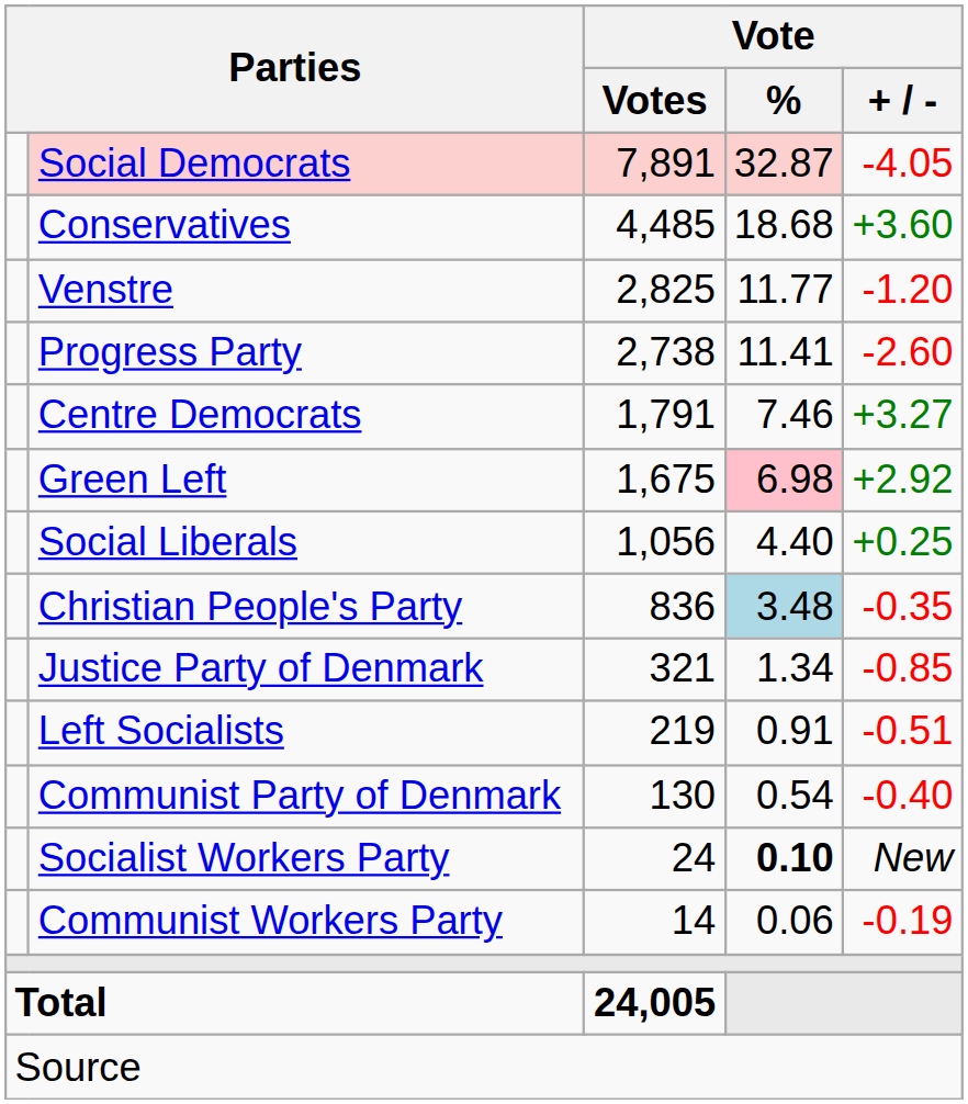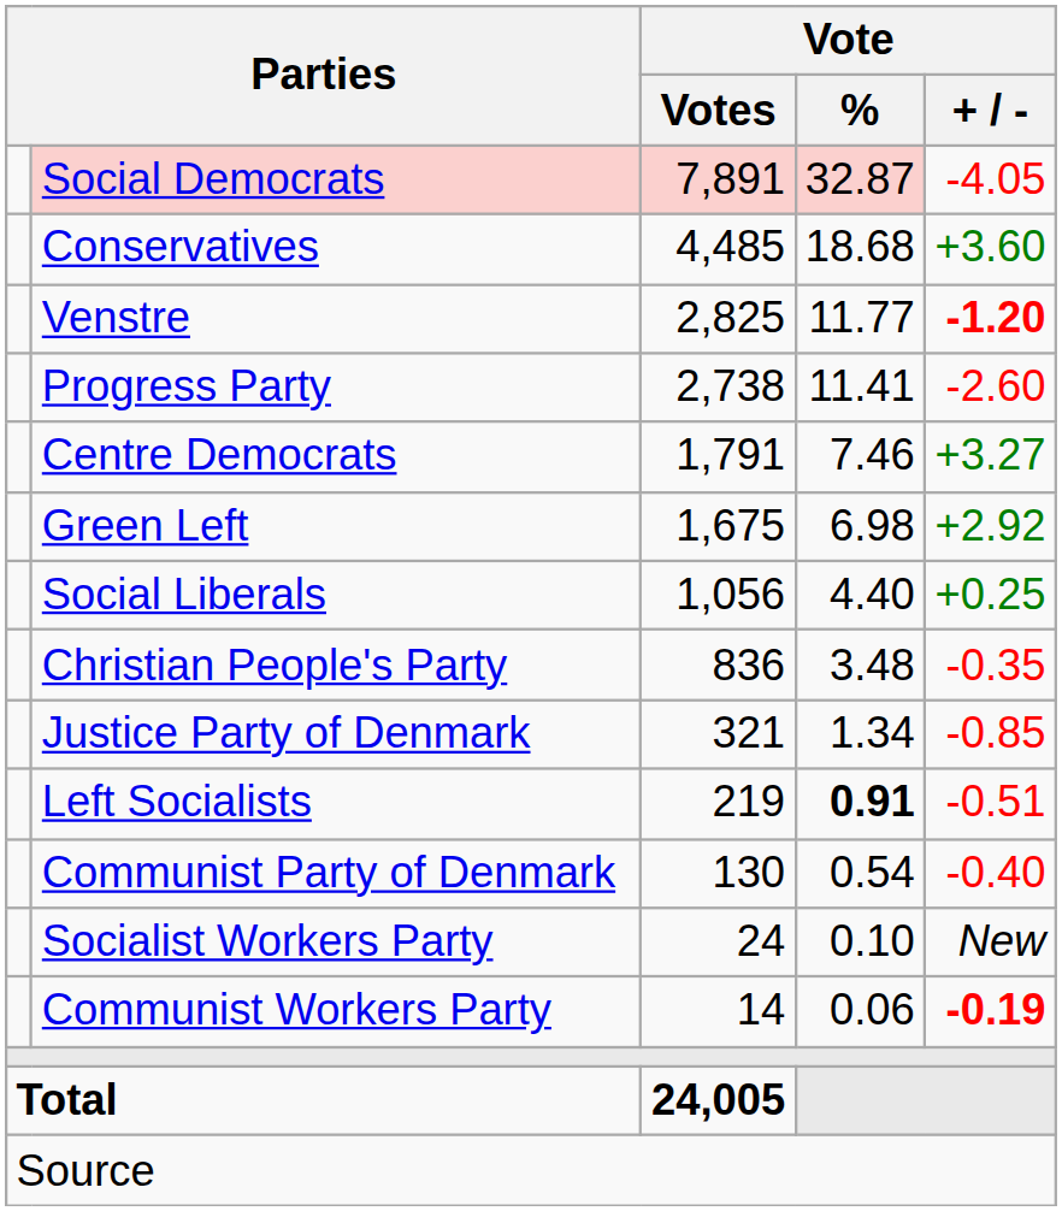 <table class="wikitable" style="text-align:right;">
 <tr>
 <th style="text-align:centre;" rowspan="2" colspan="2" width="225">Parties</th>
 <th colspan="3">Vote</th>
 </tr>
 <tr>
 <th width="15">Votes</th>
 <th width="15">%</th>
 <th width="15">+ / -</th>
 </tr>
 <tr>
 <td width="2" style="color:inherit;background:"></td>
 <td bgcolor=#fbd0ce  align="left"><a href='#'>Social Democrats</a></td>
 <td bgcolor=#fbd0ce>7,891</td>
 <td bgcolor=#fbd0ce>32.87</td>
 <td style=color:red;>-4.05</td>
 </tr>
 <tr>
 <td width="2" style="color:inherit;background:"></td>
 <td align="left"><a href='#'>Conservatives</a></td>
 <td>4,485</td>
 <td>18.68</td>
 <td style=color:green;>+3.60</td>
 </tr>
 <tr>
 <td width="2" style="color:inherit;background:"></td>
 <td align="left"><a href='#'>Venstre</a></td>
 <td>2,825</td>
 <td>11.77</td>
-<td style=color:red;>-1.20</td>
+<td style=color:red;><strong>-1.20</strong></td>
 </tr>
 <tr>
 <td width="2" style="color:inherit;background:"></td>
 <td align="left"><a href='#'>Progress Party</a></td>
 <td>2,738</td>
 <td>11.41</td>
 <td style=color:red;>-2.60</td>
 </tr>
 <tr>
 <td width="2" style="color:inherit;background:"></td>
 <td align="left"><a href='#'>Centre Democrats</a></td>
 <td>1,791</td>
 <td>7.46</td>
 <td style=color:green;>+3.27</td>
 </tr>
 <tr>
 <td width="2" style="color:inherit;background:"></td>
 <td align="left"><a href='#'>Green Left</a></td>
 <td>1,675</td>
-<td style="background: pink;">6.98</td>
+<td>6.98</td>
 <td style=color:green;>+2.92</td>
 </tr>
 <tr>
 <td width="2" style="color:inherit;background:"></td>
 <td align="left"><a href='#'>Social Liberals</a></td>
 <td>1,056</td>
 <td>4.40</td>
 <td style=color:green;>+0.25</td>
 </tr>
 <tr>
 <td width="2" style="color:inherit;background:"></td>
 <td align="left"><a href='#'>Christian People's Party</a></td>
 <td>836</td>
-<td style="background: lightblue;">3.48</td>
+<td>3.48</td>
 <td style=color:red;>-0.35</td>
 </tr>
 <tr>
 <td width="2" style="color:inherit;background:"></td>
 <td align="left"><a href='#'>Justice Party of Denmark</a></td>
 <td>321</td>
 <td>1.34</td>
 <td style=color:red;>-0.85</td>
 </tr>
 <tr>
 <td width="2" style="color:inherit;background:"></td>
 <td align="left"><a href='#'>Left Socialists</a></td>
 <td>219</td>
-<td>0.91</td>
+<td><strong>0.91</strong></td>
 <td style=color:red;>-0.51</td>
 </tr>
 <tr>
 <td width="2" style="color:inherit;background:"></td>
 <td align="left"><a href='#'>Communist Party of Denmark</a></td>
 <td>130</td>
 <td>0.54</td>
 <td style=color:red;>-0.40</td>
 </tr>
 <tr>
 <td width="2" style="color:inherit;background:"></td>
 <td align="left"><a href='#'>Socialist Workers Party</a></td>
 <td>24</td>
-<td><strong>0.10</strong></td>
+<td>0.10</td>
 <td><em>New</em></td>
 </tr>
 <tr>
 <td width="2" style="color:inherit;background:"></td>
 <td align="left"><a href='#'>Communist Workers Party</a></td>
 <td>14</td>
 <td>0.06</td>
-<td style=color:red;>-0.19</td>
+<td style=color:red;><strong>-0.19</strong></td>
 </tr>
 <tr>
 <td colspan="7" bgcolor="#E9E9E9"></td>
 </tr>
 <tr>
 <td align="left" colspan="2"><strong>Total</strong></td>
 <td><strong>24,005</strong></td>
 <td bgcolor="#E9E9E9" colspan="2"></td>
 </tr>
 <tr>
 <td align="left" colspan="6">Source</td>
 </tr>
 </table>
